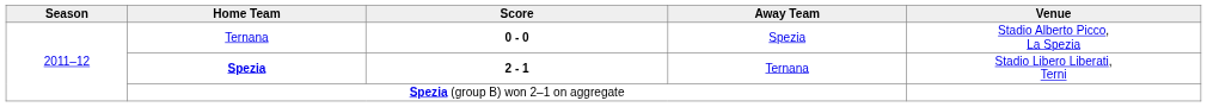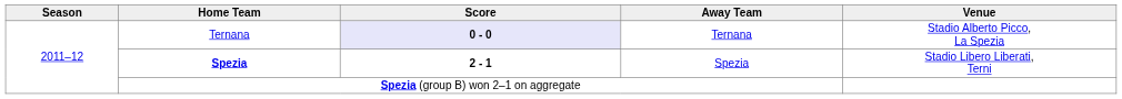 <table class="toccolours" border="1" cellpadding="2" style="border-collapse: collapse; text-align: center; width: 80%; margin: 0 auto;">
 <tr style="background: #efefef;">
 <th>Season</th>
 <th style="width:20%;">Home Team</th>
 <th>Score</th>
 <th style="width:20%;">Away Team</th>
 <th>Venue</th>
 </tr>
 <tr>
 <td rowspan="3"><a href='#'>2011–12</a></td>
 <td><a href='#'>Ternana</a></td>
-<td><strong>0 - 0</strong></td>
-<td><a href='#'>Spezia</a></td>
+<td style="background: lavender;"><strong>0 - 0</strong></td>
+<td><a href='#'>Ternana</a></td>
 <td><a href='#'>Stadio Alberto Picco</a>,<br><a href='#'>La Spezia</a></td>
 </tr>
 <tr>
 <td><strong><a href='#'>Spezia</a></strong></td>
 <td><strong>2 - 1</strong></td>
-<td><a href='#'>Ternana</a></td>
+<td><a href='#'>Spezia</a></td>
 <td><a href='#'>Stadio Libero Liberati</a>,<br><a href='#'>Terni</a></td>
 </tr>
 <tr>
 <td colspan="3"><strong><a href='#'>Spezia</a></strong> (group B) won 2–1 on aggregate</td>
 <td> </td>
 </tr>
 </table>
